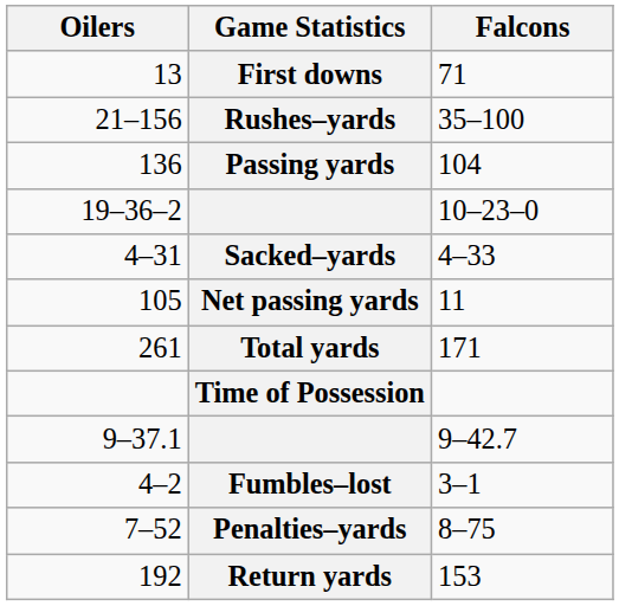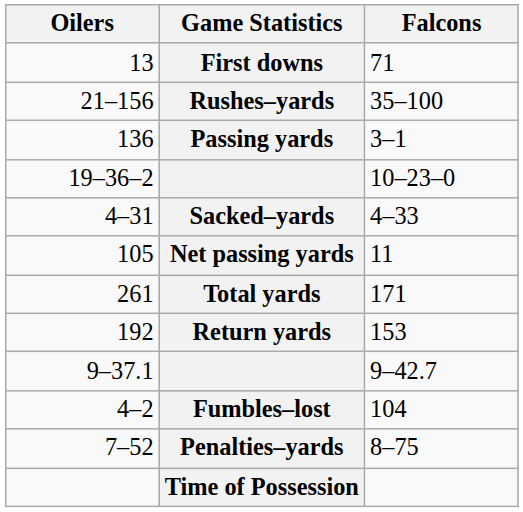 <table class="wikitable" style="margin: 1em auto 1em auto">
 <tr>
 <th style="width:30%;">Oilers</th>
 <th style="width:40%;">Game Statistics</th>
 <th style="width:30%;">Falcons</th>
 </tr>
 <tr>
 <td style="text-align:right;">13</td>
 <th>First downs</th>
 <td>71</td>
 </tr>
 <tr>
 <td style="text-align:right;">21–156</td>
 <th>Rushes–yards</th>
 <td>35–100</td>
 </tr>
 <tr>
 <td style="text-align:right;">136</td>
 <th>Passing yards</th>
-<td>104</td>
+<td>3–1</td>
 </tr>
 <tr>
 <td style="text-align:right;">19–36–2</td>
 <th></th>
 <td>10–23–0</td>
 </tr>
 <tr>
 <td style="text-align:right;">4–31</td>
 <th>Sacked–yards</th>
 <td>4–33</td>
 </tr>
 <tr>
 <td style="text-align:right;">105</td>
 <th>Net passing yards</th>
 <td>11</td>
 </tr>
 <tr>
 <td style="text-align:right;">261</td>
 <th>Total yards</th>
 <td>171</td>
 </tr>
 <tr>
-<td style="text-align:right;"></td>
-<th>Time of Possession</th>
-<td></td>
+<td style="text-align:right;">192</td>
+<th>Return yards</th>
+<td>153</td>
 </tr>
 <tr>
 <td style="text-align:right;">9–37.1</td>
 <th></th>
 <td>9–42.7</td>
 </tr>
 <tr>
 <td style="text-align:right;">4–2</td>
 <th>Fumbles–lost</th>
-<td>3–1</td>
+<td>104</td>
 </tr>
 <tr>
 <td style="text-align:right;">7–52</td>
 <th>Penalties–yards</th>
 <td>8–75</td>
 </tr>
 <tr>
-<td style="text-align:right;">192</td>
-<th>Return yards</th>
-<td>153</td>
+<td style="text-align:right;"></td>
+<th>Time of Possession</th>
+<td></td>
 </tr>
 </table>
